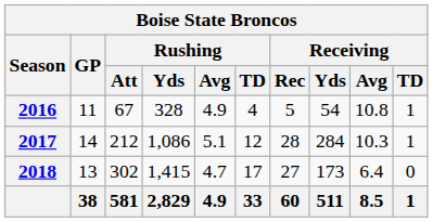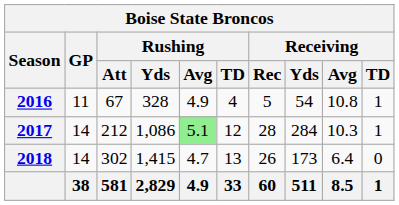 <table class="wikitable" style="text-align: center;">
 <tr>
 <th colspan="15">Boise State Broncos</th>
 </tr>
 <tr>
 <th rowspan="2">Season</th>
 <th rowspan="2">GP</th>
 <th colspan="4">Rushing</th>
 <th colspan="4">Receiving</th>
 </tr>
 <tr>
 <th>Att</th>
 <th>Yds</th>
 <th>Avg</th>
 <th>TD</th>
 <th>Rec</th>
 <th>Yds</th>
 <th>Avg</th>
 <th>TD</th>
 </tr>
 <tr>
 <th><a href='#'>2016</a></th>
 <td>11</td>
 <td>67</td>
 <td>328</td>
 <td>4.9</td>
 <td>4</td>
 <td>5</td>
 <td>54</td>
 <td>10.8</td>
 <td>1</td>
 </tr>
 <tr>
 <th><a href='#'>2017</a></th>
 <td>14</td>
 <td>212</td>
 <td>1,086</td>
-<td>5.1</td>
+<td style="background: lightgreen;">5.1</td>
 <td>12</td>
 <td>28</td>
 <td>284</td>
 <td>10.3</td>
 <td>1</td>
 </tr>
 <tr>
 <th><a href='#'>2018</a></th>
-<td>13</td>
+<td>14</td>
 <td>302</td>
 <td>1,415</td>
 <td>4.7</td>
-<td>17</td>
-<td>27</td>
+<td>13</td>
+<td>26</td>
 <td>173</td>
 <td>6.4</td>
 <td>0</td>
 </tr>
 <tr>
 <th></th>
 <th>38</th>
 <th>581</th>
 <th>2,829</th>
 <th>4.9</th>
 <th>33</th>
 <th>60</th>
 <th>511</th>
 <th>8.5</th>
 <th>1</th>
 </tr>
 </table>
